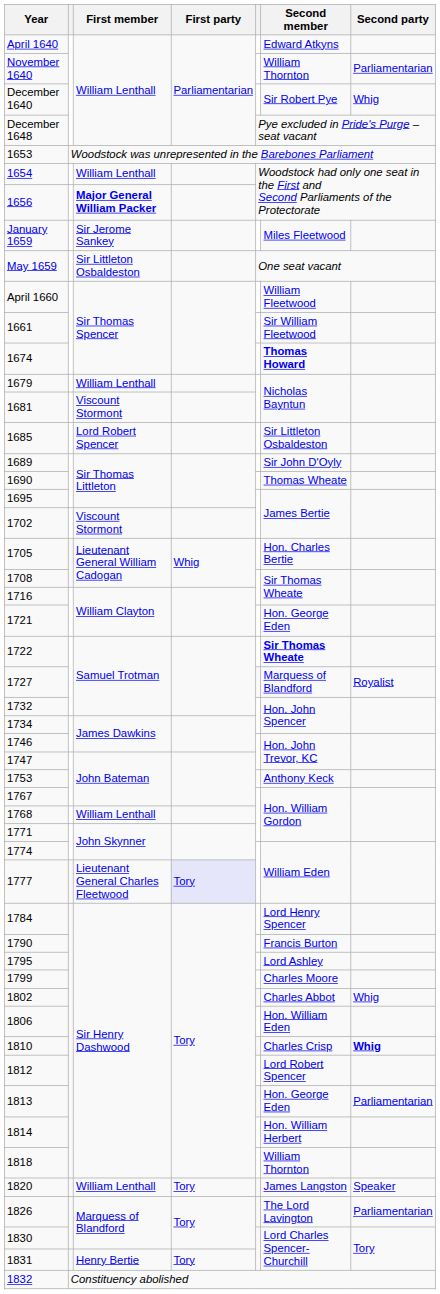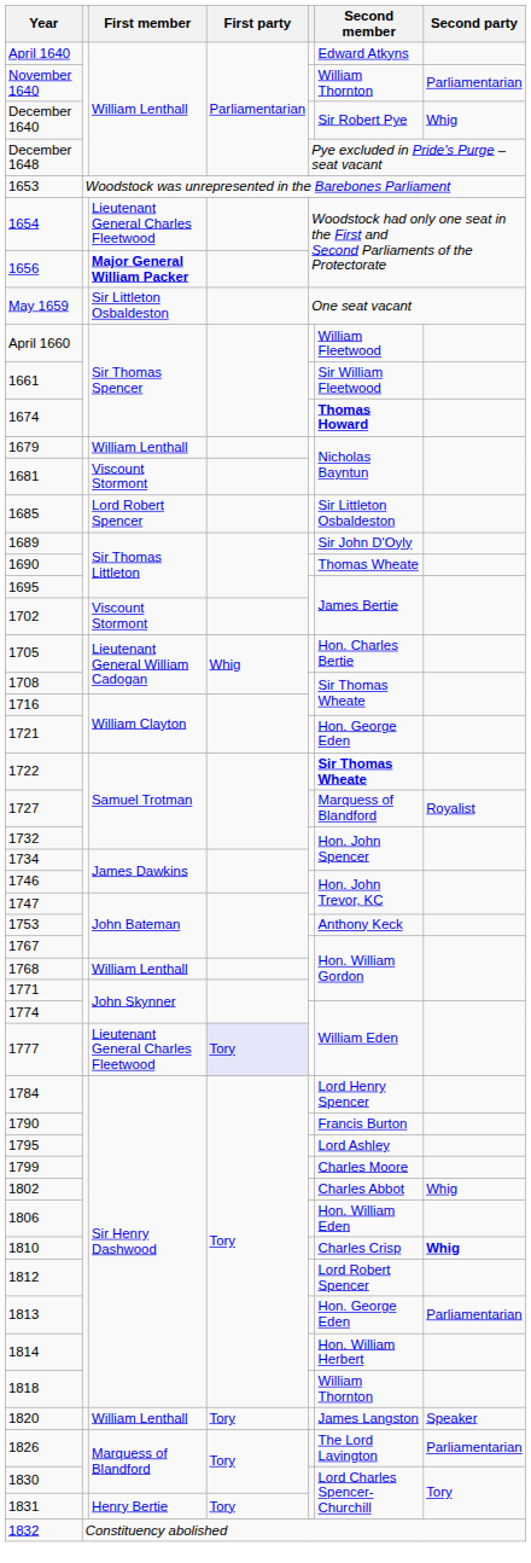 <table class="wikitable">
 <tr>
 <th>Year</th>
 <th></th>
 <th>First member</th>
 <th>First party</th>
 <th></th>
 <th>Second member</th>
 <th>Second party<br></th>
 </tr>
 <tr>
 <td><a href='#'>April 1640</a></td>
 <td rowspan="4" style="color:inherit;background-color: white"></td>
 <td rowspan="4"><a href='#'>William Lenthall</a></td>
 <td rowspan="4"><a href='#'>Parliamentarian</a></td>
 <td style="color:inherit;background-color: white"></td>
 <td><a href='#'>Edward Atkyns</a></td>
 <td></td>
 </tr>
 <tr>
 <td><a href='#'>November 1640</a></td>
 <td style="color:inherit;background-color: white"></td>
 <td><a href='#'>William Thornton</a></td>
 <td><a href='#'>Parliamentarian</a></td>
 </tr>
 <tr>
 <td>December 1640</td>
 <td style="color:inherit;background-color: white"></td>
 <td><a href='#'>Sir Robert Pye</a></td>
 <td><a href='#'>Whig</a></td>
 </tr>
 <tr>
 <td>December 1648</td>
 <td colspan="3"><em>Pye excluded in <a href='#'>Pride's Purge</a> – seat vacant</em></td>
 </tr>
 <tr>
 <td>1653</td>
 <td colspan="6"><em>Woodstock was unrepresented in the <a href='#'>Barebones Parliament</a></em></td>
 </tr>
 <tr>
 <td><a href='#'>1654</a></td>
 <td style="color:inherit;background-color: white"></td>
-<td><a href='#'>William Lenthall</a></td>
+<td><a href='#'>Lieutenant General Charles Fleetwood</a></td>
 <td></td>
 <td rowspan="2" colspan="3"><em>Woodstock had only one seat in the <a href='#'>First</a>  and <br><a href='#'>Second</a> Parliaments of the Protectorate</em></td>
 </tr>
 <tr>
 <td><a href='#'>1656</a></td>
 <td style="color:inherit;background-color: white"></td>
 <td><strong><a href='#'>Major General William Packer</a></strong></td>
-<td></td>
-</tr>
-<tr>
-<td><a href='#'>January 1659</a></td>
-<td style="color:inherit;background-color: white"></td>
-<td><a href='#'>Sir Jerome Sankey</a></td>
-<td></td>
-<td style="color:inherit;background-color: white"></td>
-<td><a href='#'>Miles Fleetwood</a></td>
 <td></td>
 </tr>
 <tr>
 <td><a href='#'>May 1659</a></td>
 <td style="color:inherit;background-color: white"></td>
 <td><a href='#'>Sir Littleton Osbaldeston</a></td>
 <td></td>
 <td colspan="3"><em>One seat vacant</em></td>
 </tr>
 <tr>
 <td>April 1660</td>
 <td rowspan="3" style="color:inherit;background-color: white"></td>
 <td rowspan="3"><a href='#'>Sir Thomas Spencer</a></td>
 <td rowspan="3"></td>
 <td style="color:inherit;background-color: white"></td>
 <td><a href='#'>William Fleetwood</a></td>
 <td></td>
 </tr>
 <tr>
 <td>1661</td>
 <td style="color:inherit;background-color: white"></td>
 <td><a href='#'>Sir William Fleetwood</a></td>
 <td></td>
 </tr>
 <tr>
 <td>1674</td>
 <td style="color:inherit;background-color: white"></td>
 <td><strong><a href='#'>Thomas Howard</a></strong></td>
 <td></td>
 </tr>
 <tr>
 <td>1679</td>
 <td style="color:inherit;background-color: white"></td>
 <td><a href='#'>William Lenthall</a></td>
 <td></td>
 <td rowspan="2" style="color:inherit;background-color: white"></td>
 <td rowspan="2"><a href='#'>Nicholas Bayntun</a></td>
 <td rowspan="2"></td>
 </tr>
 <tr>
 <td>1681</td>
 <td style="color:inherit;background-color: white"></td>
 <td><a href='#'>Viscount Stormont</a></td>
 <td></td>
 </tr>
 <tr>
 <td>1685</td>
 <td style="color:inherit;background-color: white"></td>
 <td><a href='#'>Lord Robert Spencer</a></td>
 <td></td>
 <td style="color:inherit;background-color: white"></td>
 <td><a href='#'>Sir Littleton Osbaldeston</a></td>
 <td></td>
 </tr>
 <tr>
 <td>1689</td>
 <td rowspan="3" style="color:inherit;background-color: white"></td>
 <td rowspan="3"><a href='#'>Sir Thomas Littleton</a></td>
 <td rowspan="3"></td>
 <td style="color:inherit;background-color: white"></td>
 <td><a href='#'>Sir John D'Oyly</a></td>
 <td></td>
 </tr>
 <tr>
 <td>1690</td>
 <td style="color:inherit;background-color: white"></td>
 <td><a href='#'>Thomas Wheate</a></td>
 <td></td>
 </tr>
 <tr>
 <td>1695</td>
 <td rowspan="2" style="color:inherit;background-color: white"></td>
 <td rowspan="2"><a href='#'>James Bertie</a></td>
 <td rowspan="2"></td>
 </tr>
 <tr>
 <td>1702</td>
 <td style="color:inherit;background-color: white"></td>
 <td><a href='#'>Viscount Stormont</a></td>
 <td></td>
 </tr>
 <tr>
 <td>1705</td>
 <td rowspan="2" style="color:inherit;background-color: "></td>
 <td rowspan="2"><a href='#'>Lieutenant General William Cadogan</a></td>
 <td rowspan="2"><a href='#'>Whig</a></td>
 <td style="color:inherit;background-color: white"></td>
 <td><a href='#'>Hon. Charles Bertie</a></td>
 <td></td>
 </tr>
 <tr>
 <td>1708</td>
 <td rowspan="2" style="color:inherit;background-color: white"></td>
 <td rowspan="2"><a href='#'>Sir Thomas Wheate</a></td>
 <td rowspan="2"></td>
 </tr>
 <tr>
 <td>1716</td>
 <td rowspan="2" style="color:inherit;background-color: white"></td>
 <td rowspan="2"><a href='#'>William Clayton</a></td>
 <td rowspan="2"></td>
 </tr>
 <tr>
 <td>1721</td>
 <td style="color:inherit;background-color: white"></td>
 <td><a href='#'>Hon. George Eden</a></td>
 <td></td>
 </tr>
 <tr>
 <td>1722</td>
 <td rowspan="3" style="color:inherit;background-color: white"></td>
 <td rowspan="3"><a href='#'>Samuel Trotman</a></td>
 <td rowspan="3"></td>
 <td style="color:inherit;background-color: white"></td>
 <td><strong><a href='#'>Sir Thomas Wheate</a></strong></td>
 <td></td>
 </tr>
 <tr>
 <td>1727</td>
 <td style="color:inherit;background-color: "></td>
 <td><a href='#'>Marquess of Blandford</a></td>
 <td><a href='#'>Royalist</a></td>
 </tr>
 <tr>
 <td>1732</td>
 <td rowspan="2" style="color:inherit;background-color: white"></td>
 <td rowspan="2"><a href='#'>Hon. John Spencer</a></td>
 <td rowspan="2"></td>
 </tr>
 <tr>
 <td>1734</td>
 <td rowspan="2" style="color:inherit;background-color: white"></td>
 <td rowspan="2"><a href='#'>James Dawkins</a></td>
 <td rowspan="2"></td>
 </tr>
 <tr>
 <td>1746</td>
 <td rowspan="2" style="color:inherit;background-color: white"></td>
 <td rowspan="2"><a href='#'>Hon. John Trevor, KC</a></td>
 <td rowspan="2"></td>
 </tr>
 <tr>
 <td>1747</td>
 <td rowspan="3" style="color:inherit;background-color: white"></td>
 <td rowspan="3"><a href='#'>John Bateman</a></td>
 <td rowspan="3"></td>
 </tr>
 <tr>
 <td>1753</td>
 <td style="color:inherit;background-color: white"></td>
 <td><a href='#'>Anthony Keck</a></td>
 <td></td>
 </tr>
 <tr>
 <td>1767</td>
 <td rowspan="3" style="color:inherit;background-color: white"></td>
 <td rowspan="3"><a href='#'>Hon. William Gordon</a></td>
 <td rowspan="3"></td>
 </tr>
 <tr>
 <td>1768</td>
 <td style="color:inherit;background-color: white"></td>
 <td><a href='#'>William Lenthall</a></td>
 <td></td>
 </tr>
 <tr>
 <td>1771</td>
 <td rowspan="2" style="color:inherit;background-color: white"></td>
 <td rowspan="2"><a href='#'>John Skynner</a></td>
 <td rowspan="2"></td>
 </tr>
 <tr>
 <td>1774</td>
 <td rowspan="2"  style="color:inherit;background-color: white"></td>
 <td rowspan="2"><a href='#'>William Eden</a></td>
 <td rowspan="2"></td>
 </tr>
 <tr>
 <td>1777</td>
 <td style="color:inherit;background-color: "></td>
 <td><a href='#'>Lieutenant General Charles Fleetwood</a></td>
 <td style="background: lavender;"><a href='#'>Tory</a></td>
 </tr>
 <tr>
 <td>1784</td>
 <td rowspan="11" style="color:inherit;background-color: "></td>
 <td rowspan="11"><a href='#'>Sir Henry Dashwood</a></td>
 <td rowspan="11"><a href='#'>Tory</a></td>
 <td style="color:inherit;background-color: white"></td>
 <td><a href='#'>Lord Henry Spencer</a></td>
 <td></td>
 </tr>
 <tr>
 <td>1790</td>
 <td style="color:inherit;background-color: white"></td>
 <td><a href='#'>Francis Burton</a></td>
 <td></td>
 </tr>
 <tr>
 <td>1795</td>
 <td style="color:inherit;background-color: white"></td>
 <td><a href='#'>Lord Ashley</a></td>
 <td></td>
 </tr>
 <tr>
 <td>1799</td>
 <td style="color:inherit;background-color: white"></td>
 <td><a href='#'>Charles Moore</a></td>
 <td></td>
 </tr>
 <tr>
 <td>1802</td>
 <td style="color:inherit;background-color: "></td>
 <td><a href='#'>Charles Abbot</a></td>
 <td><a href='#'>Whig</a></td>
 </tr>
 <tr>
 <td>1806</td>
 <td style="color:inherit;background-color: white"></td>
 <td><a href='#'>Hon. William Eden</a></td>
 <td></td>
 </tr>
 <tr>
 <td>1810</td>
 <td style="color:inherit;background-color: "></td>
 <td><a href='#'>Charles Crisp</a></td>
 <td><strong><a href='#'>Whig</a></strong></td>
 </tr>
 <tr>
 <td>1812</td>
 <td style="color:inherit;background-color: white"></td>
 <td><a href='#'>Lord Robert Spencer</a></td>
 <td></td>
 </tr>
 <tr>
 <td>1813</td>
 <td style="color:inherit;background-color: "></td>
 <td><a href='#'>Hon. George Eden</a></td>
 <td><a href='#'>Parliamentarian</a></td>
 </tr>
 <tr>
 <td>1814</td>
 <td style="color:inherit;background-color: white"></td>
 <td><a href='#'>Hon. William Herbert</a></td>
 <td></td>
 </tr>
 <tr>
 <td>1818</td>
 <td style="color:inherit;background-color: white"></td>
 <td><a href='#'>William Thornton</a></td>
 <td></td>
 </tr>
 <tr>
 <td>1820</td>
 <td style="color:inherit;background-color: "></td>
 <td><a href='#'>William Lenthall</a></td>
 <td><a href='#'>Tory</a></td>
 <td style="color:inherit;background-color: "></td>
 <td><a href='#'>James Langston</a></td>
 <td><a href='#'>Speaker</a></td>
 </tr>
 <tr>
 <td>1826</td>
 <td rowspan="2" style="color:inherit;background-color: "></td>
 <td rowspan="2"><a href='#'>Marquess of Blandford</a></td>
 <td rowspan="2"><a href='#'>Tory</a></td>
 <td style="color:inherit;background-color: "></td>
 <td><a href='#'>The Lord Lavington</a></td>
 <td><a href='#'>Parliamentarian</a></td>
 </tr>
 <tr>
 <td>1830</td>
 <td rowspan="2" style="color:inherit;background-color: "></td>
 <td rowspan="2"><a href='#'>Lord Charles Spencer-Churchill</a></td>
 <td rowspan="2"><a href='#'>Tory</a></td>
 </tr>
 <tr>
 <td>1831</td>
 <td style="color:inherit;background-color: "></td>
 <td><a href='#'>Henry Bertie</a></td>
 <td><a href='#'>Tory</a></td>
 </tr>
 <tr>
 <td><a href='#'>1832</a></td>
 <td colspan="6"><em>Constituency abolished</em></td>
 </tr>
 </table>
